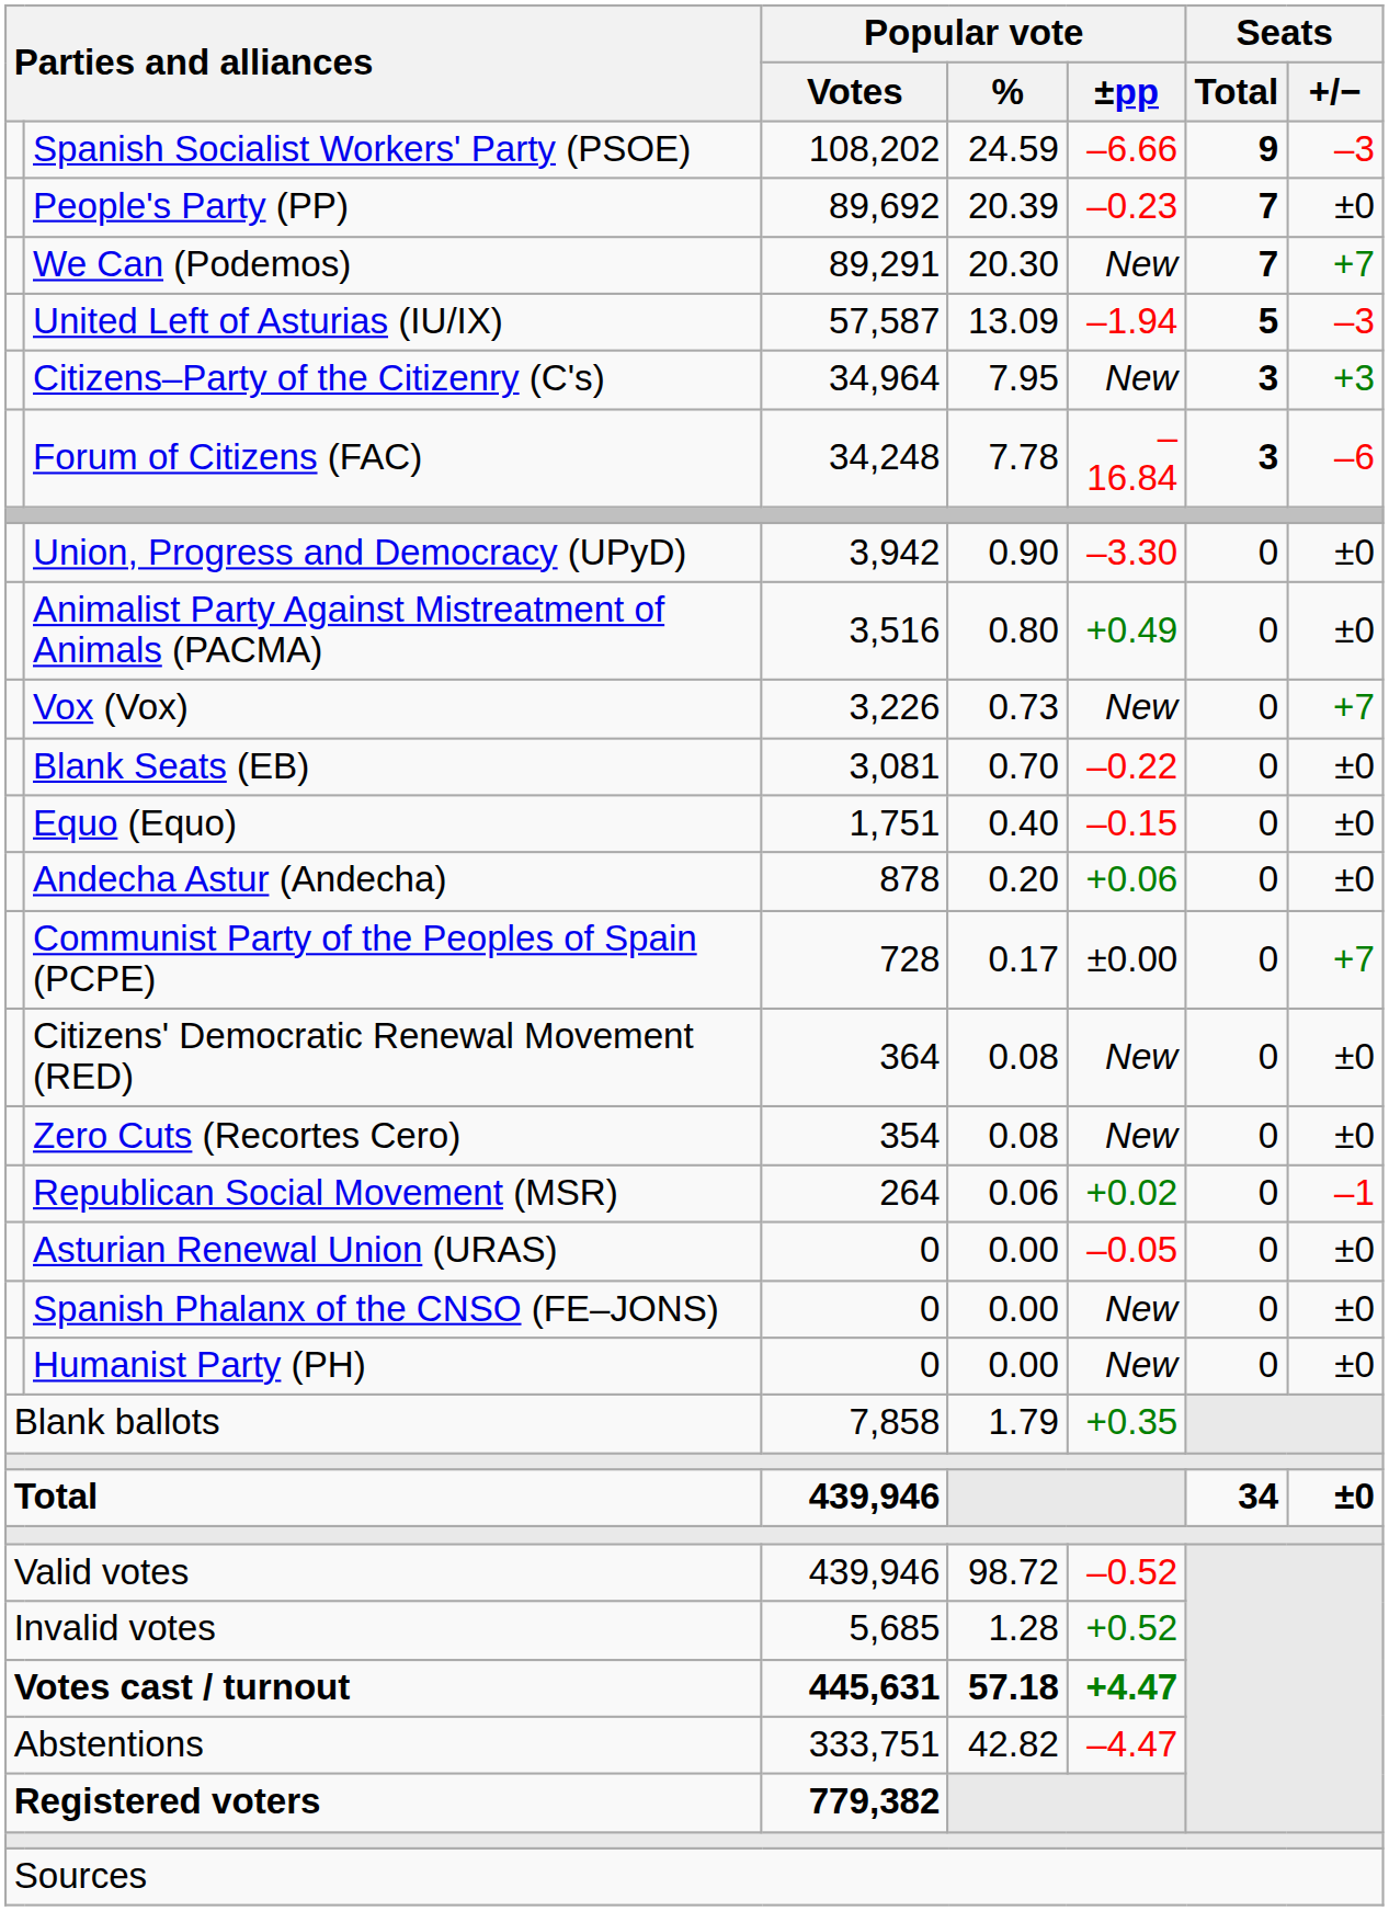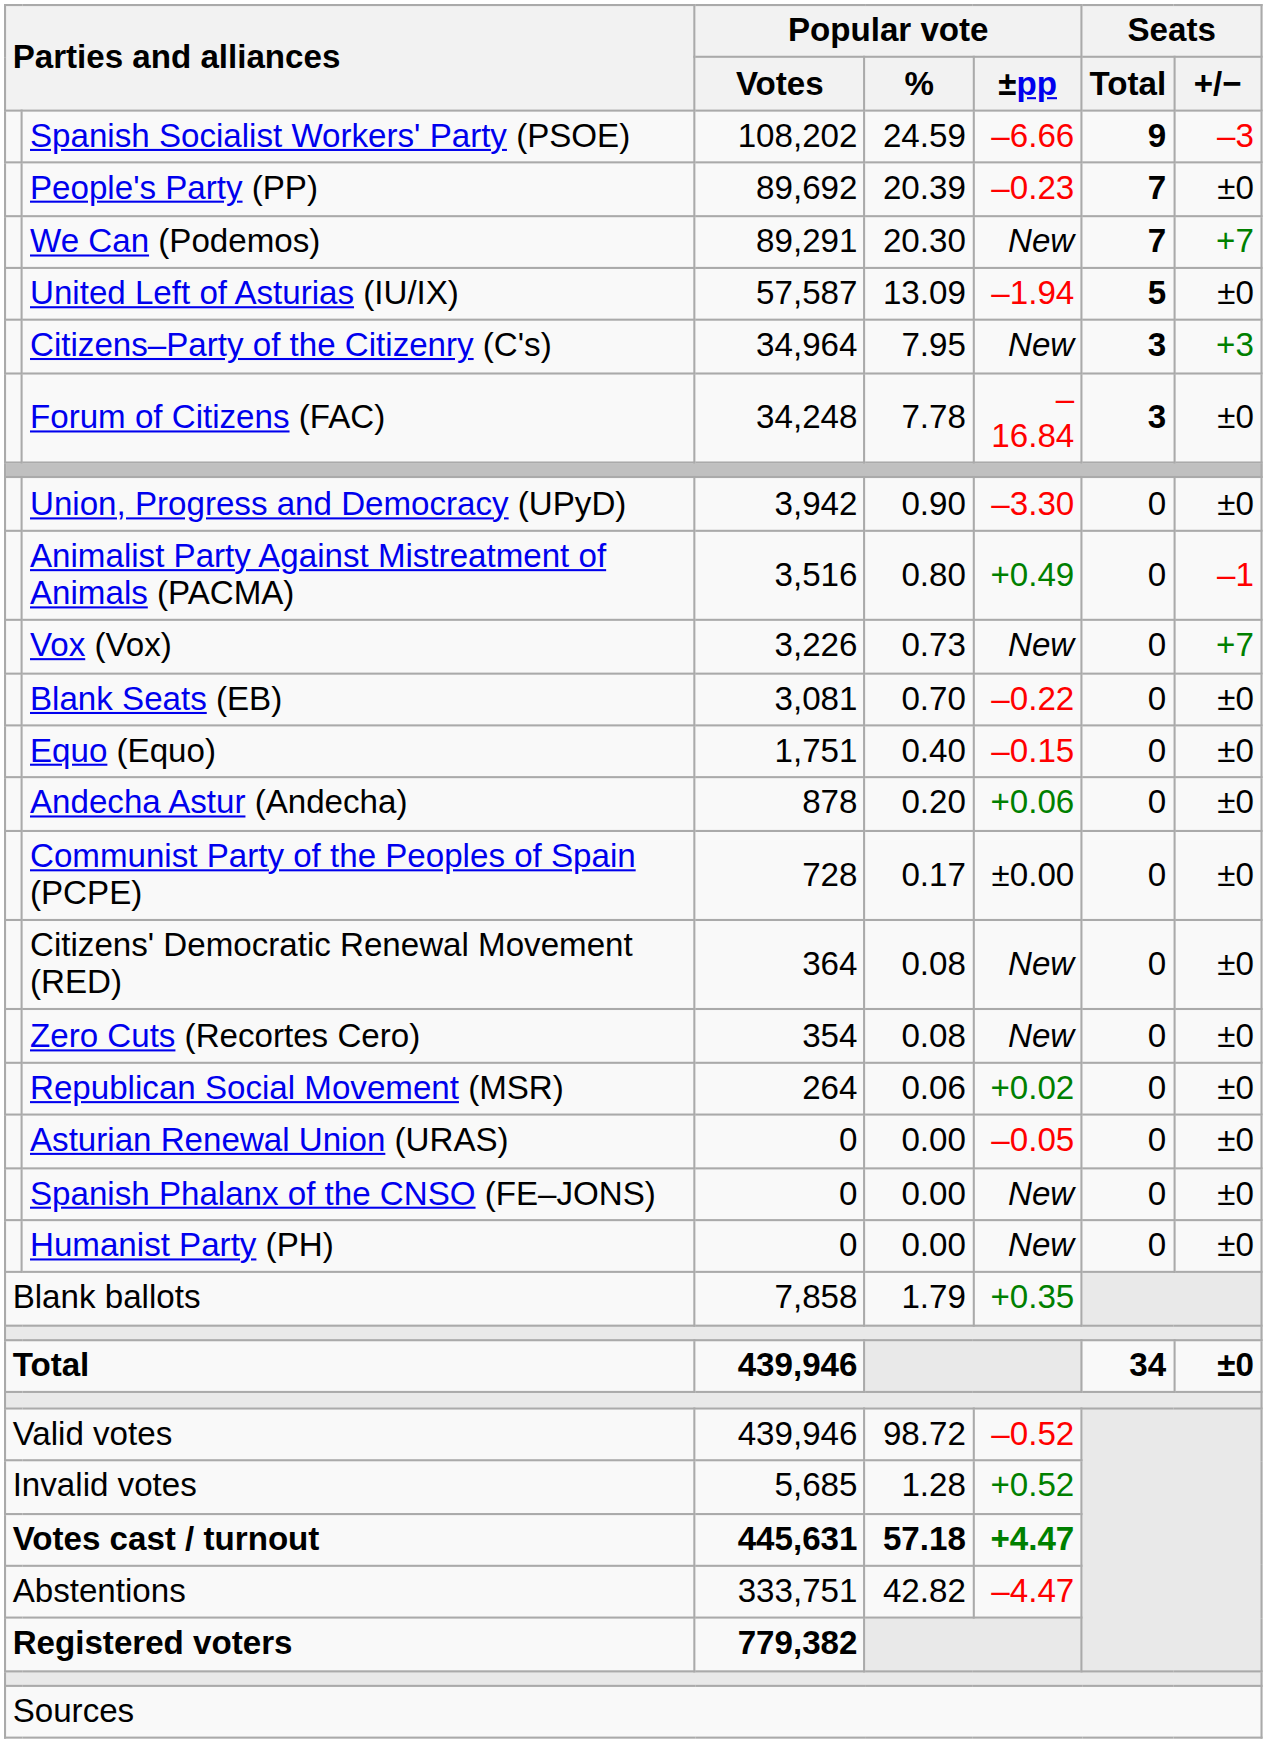 <table class="wikitable" style="text-align:right;">
 <tr>
 <th style="text-align:left;" rowspan="2" colspan="2" width="525">Parties and alliances</th>
 <th colspan="3">Popular vote</th>
 <th colspan="2">Seats</th>
 </tr>
 <tr>
 <th width="75">Votes</th>
 <th width="45">%</th>
 <th width="45">±<a href='#'>pp</a></th>
 <th width="35">Total</th>
 <th width="35">+/−</th>
 </tr>
 <tr>
 <td width="1" style="color:inherit;background:"></td>
 <td align="left"><a href='#'>Spanish Socialist Workers' Party</a> (PSOE)</td>
 <td>108,202</td>
 <td>24.59</td>
 <td style="color:red;">–6.66</td>
 <td><strong>9</strong></td>
 <td style="color:red;">–3</td>
 </tr>
 <tr>
 <td style="color:inherit;background:"></td>
 <td align="left"><a href='#'>People's Party</a> (PP)</td>
 <td>89,692</td>
 <td>20.39</td>
 <td style="color:red;">–0.23</td>
 <td><strong>7</strong></td>
 <td>±0</td>
 </tr>
 <tr>
 <td style="color:inherit;background:"></td>
 <td align="left"><a href='#'>We Can</a> (Podemos)</td>
 <td>89,291</td>
 <td>20.30</td>
 <td><em>New</em></td>
 <td><strong>7</strong></td>
 <td style="color:green;">+7</td>
 </tr>
 <tr>
 <td style="color:inherit;background:"></td>
 <td align="left"><a href='#'>United Left of Asturias</a> (IU/IX)</td>
 <td>57,587</td>
 <td>13.09</td>
 <td style="color:red;">–1.94</td>
 <td><strong>5</strong></td>
-<td style="color:red;">–3</td>
+<td>±0</td>
 </tr>
 <tr>
 <td style="color:inherit;background:"></td>
 <td align="left"><a href='#'>Citizens–Party of the Citizenry</a> (C's)</td>
 <td>34,964</td>
 <td>7.95</td>
 <td><em>New</em></td>
 <td><strong>3</strong></td>
 <td style="color:green;">+3</td>
 </tr>
 <tr>
 <td style="color:inherit;background:"></td>
 <td align="left"><a href='#'>Forum of Citizens</a> (FAC)</td>
 <td>34,248</td>
 <td>7.78</td>
 <td style="color:red;">–16.84</td>
 <td><strong>3</strong></td>
-<td style="color:red;">–6</td>
+<td>±0</td>
 </tr>
 <tr>
 <td colspan="7" bgcolor="#C0C0C0"></td>
 </tr>
 <tr>
 <td style="color:inherit;background:"></td>
 <td align="left"><a href='#'>Union, Progress and Democracy</a> (UPyD)</td>
 <td>3,942</td>
 <td>0.90</td>
 <td style="color:red;">–3.30</td>
 <td>0</td>
 <td>±0</td>
 </tr>
 <tr>
 <td style="color:inherit;background:"></td>
 <td align="left"><a href='#'>Animalist Party Against Mistreatment of Animals</a> (PACMA)</td>
 <td>3,516</td>
 <td>0.80</td>
 <td style="color:green;">+0.49</td>
 <td>0</td>
-<td>±0</td>
+<td style="color:red;">–1</td>
 </tr>
 <tr>
 <td style="color:inherit;background:"></td>
 <td align="left"><a href='#'>Vox</a> (Vox)</td>
 <td>3,226</td>
 <td>0.73</td>
 <td><em>New</em></td>
 <td>0</td>
 <td style="color:green;">+7</td>
 </tr>
 <tr>
 <td style="color:inherit;background:"></td>
 <td align="left"><a href='#'>Blank Seats</a> (EB)</td>
 <td>3,081</td>
 <td>0.70</td>
 <td style="color:red;">–0.22</td>
 <td>0</td>
 <td>±0</td>
 </tr>
 <tr>
 <td style="color:inherit;background:"></td>
 <td align="left"><a href='#'>Equo</a> (Equo)</td>
 <td>1,751</td>
 <td>0.40</td>
 <td style="color:red;">–0.15</td>
 <td>0</td>
 <td>±0</td>
 </tr>
 <tr>
 <td style="color:inherit;background:"></td>
 <td align="left"><a href='#'>Andecha Astur</a> (Andecha)</td>
 <td>878</td>
 <td>0.20</td>
 <td style="color:green;">+0.06</td>
 <td>0</td>
 <td>±0</td>
 </tr>
 <tr>
 <td style="color:inherit;background:"></td>
 <td align="left"><a href='#'>Communist Party of the Peoples of Spain</a> (PCPE)</td>
 <td>728</td>
 <td>0.17</td>
 <td>±0.00</td>
 <td>0</td>
-<td style="color:green;">+7</td>
+<td>±0</td>
 </tr>
 <tr>
 <td style="color:inherit;background:"></td>
 <td align="left">Citizens' Democratic Renewal Movement (RED)</td>
 <td>364</td>
 <td>0.08</td>
 <td><em>New</em></td>
 <td>0</td>
 <td>±0</td>
 </tr>
 <tr>
 <td style="color:inherit;background:"></td>
 <td align="left"><a href='#'>Zero Cuts</a> (Recortes Cero)</td>
 <td>354</td>
 <td>0.08</td>
 <td><em>New</em></td>
 <td>0</td>
 <td>±0</td>
 </tr>
 <tr>
 <td style="color:inherit;background:"></td>
 <td align="left"><a href='#'>Republican Social Movement</a> (MSR)</td>
 <td>264</td>
 <td>0.06</td>
 <td style="color:green;">+0.02</td>
 <td>0</td>
-<td style="color:red;">–1</td>
+<td>±0</td>
 </tr>
 <tr>
 <td style="color:inherit;background:"></td>
 <td align="left"><a href='#'>Asturian Renewal Union</a> (URAS)</td>
 <td>0</td>
 <td>0.00</td>
 <td style="color:red;">–0.05</td>
 <td>0</td>
 <td>±0</td>
 </tr>
 <tr>
 <td style="color:inherit;background:"></td>
 <td align="left"><a href='#'>Spanish Phalanx of the CNSO</a> (FE–JONS)</td>
 <td>0</td>
 <td>0.00</td>
 <td><em>New</em></td>
 <td>0</td>
 <td>±0</td>
 </tr>
 <tr>
 <td style="color:inherit;background:"></td>
 <td align="left"><a href='#'>Humanist Party</a> (PH)</td>
 <td>0</td>
 <td>0.00</td>
 <td><em>New</em></td>
 <td>0</td>
 <td>±0</td>
 </tr>
 <tr>
 <td align="left" colspan="2">Blank ballots</td>
 <td>7,858</td>
 <td>1.79</td>
 <td style="color:green;">+0.35</td>
 <td bgcolor="#E9E9E9" colspan="2"></td>
 </tr>
 <tr>
 <td colspan="7" bgcolor="#E9E9E9"></td>
 </tr>
 <tr style="font-weight:bold;">
 <td align="left" colspan="2">Total</td>
 <td>439,946</td>
 <td bgcolor="#E9E9E9" colspan="2"></td>
 <td>34</td>
 <td>±0</td>
 </tr>
 <tr>
 <td colspan="7" bgcolor="#E9E9E9"></td>
 </tr>
 <tr>
 <td align="left" colspan="2">Valid votes</td>
 <td>439,946</td>
 <td>98.72</td>
 <td style="color:red;">–0.52</td>
 <td bgcolor="#E9E9E9" colspan="2" rowspan="5"></td>
 </tr>
 <tr>
 <td align="left" colspan="2">Invalid votes</td>
 <td>5,685</td>
 <td>1.28</td>
 <td style="color:green;">+0.52</td>
 </tr>
 <tr style="font-weight:bold;">
 <td align="left" colspan="2">Votes cast / turnout</td>
 <td>445,631</td>
 <td>57.18</td>
 <td style="color:green;">+4.47</td>
 </tr>
 <tr>
 <td align="left" colspan="2">Abstentions</td>
 <td>333,751</td>
 <td>42.82</td>
 <td style="color:red;">–4.47</td>
 </tr>
 <tr style="font-weight:bold;">
 <td align="left" colspan="2">Registered voters</td>
 <td>779,382</td>
 <td bgcolor="#E9E9E9" colspan="2"></td>
 </tr>
 <tr>
 <td colspan="7" bgcolor="#E9E9E9"></td>
 </tr>
 <tr>
 <td align="left" colspan="7">Sources</td>
 </tr>
 </table>
